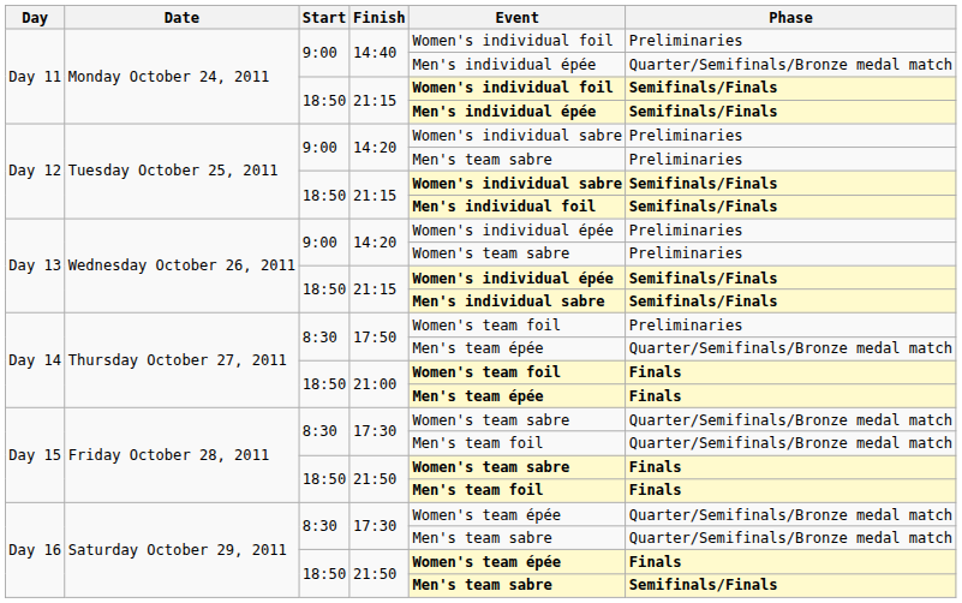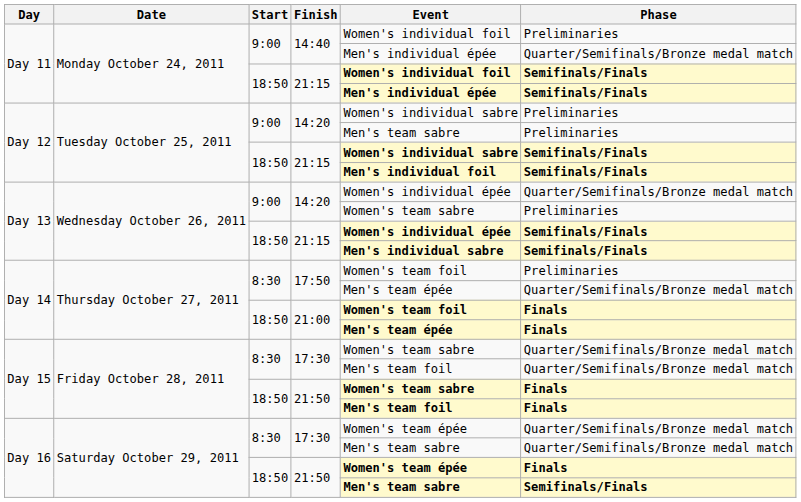 <table class=wikitable>
 <tr>
 <th>Day</th>
 <th>Date</th>
 <th>Start</th>
 <th>Finish</th>
 <th>Event</th>
 <th>Phase</th>
 </tr>
 <tr>
 <td rowspan=4>Day 11</td>
 <td rowspan=4>Monday October 24, 2011</td>
 <td rowspan=2>9:00</td>
 <td rowspan=2>14:40</td>
 <td>Women's individual foil</td>
 <td>Preliminaries</td>
 </tr>
 <tr>
 <td>Men's individual épée</td>
 <td>Quarter/Semifinals/Bronze medal match</td>
 </tr>
 <tr>
 <td rowspan=2>18:50</td>
 <td rowspan=2>21:15</td>
 <td style=background:lemonchiffon><strong>Women's individual foil</strong></td>
 <td style=background:lemonchiffon><strong>Semifinals/Finals</strong></td>
 </tr>
 <tr>
 <td style=background:lemonchiffon><strong>Men's individual épée</strong></td>
 <td style=background:lemonchiffon><strong>Semifinals/Finals</strong></td>
 </tr>
 <tr>
 <td rowspan=4>Day 12</td>
 <td rowspan=4>Tuesday October 25, 2011</td>
 <td rowspan=2>9:00</td>
 <td rowspan=2>14:20</td>
 <td>Women's individual sabre</td>
 <td>Preliminaries</td>
 </tr>
 <tr>
 <td>Men's team sabre</td>
 <td>Preliminaries</td>
 </tr>
 <tr>
 <td rowspan=2>18:50</td>
 <td rowspan=2>21:15</td>
 <td style=background:lemonchiffon><strong>Women's individual sabre</strong></td>
 <td style=background:lemonchiffon><strong>Semifinals/Finals</strong></td>
 </tr>
 <tr>
 <td style=background:lemonchiffon><strong>Men's individual foil</strong></td>
 <td style=background:lemonchiffon><strong>Semifinals/Finals</strong></td>
 </tr>
 <tr>
 <td rowspan=4>Day 13</td>
 <td rowspan=4>Wednesday October 26, 2011</td>
 <td rowspan=2>9:00</td>
 <td rowspan=2>14:20</td>
 <td>Women's individual épée</td>
-<td>Preliminaries</td>
+<td>Quarter/Semifinals/Bronze medal match</td>
 </tr>
 <tr>
 <td>Women's team sabre</td>
 <td>Preliminaries</td>
 </tr>
 <tr>
 <td rowspan=2>18:50</td>
 <td rowspan=2>21:15</td>
 <td style=background:lemonchiffon><strong>Women's individual épée</strong></td>
 <td style=background:lemonchiffon><strong>Semifinals/Finals</strong></td>
 </tr>
 <tr>
 <td style=background:lemonchiffon><strong>Men's individual sabre</strong></td>
 <td style=background:lemonchiffon><strong>Semifinals/Finals</strong></td>
 </tr>
 <tr>
 <td rowspan=4>Day 14</td>
 <td rowspan=4>Thursday October 27, 2011</td>
 <td rowspan=2>8:30</td>
 <td rowspan=2>17:50</td>
 <td>Women's team foil</td>
 <td>Preliminaries</td>
 </tr>
 <tr>
 <td>Men's team épée</td>
 <td>Quarter/Semifinals/Bronze medal match</td>
 </tr>
 <tr>
 <td rowspan=2>18:50</td>
 <td rowspan=2>21:00</td>
 <td style=background:lemonchiffon><strong>Women's team foil</strong></td>
 <td style=background:lemonchiffon><strong>Finals</strong></td>
 </tr>
 <tr>
 <td style=background:lemonchiffon><strong>Men's team épée</strong></td>
 <td style=background:lemonchiffon><strong>Finals</strong></td>
 </tr>
 <tr>
 <td rowspan=4>Day 15</td>
 <td rowspan=4>Friday October 28, 2011</td>
 <td rowspan=2>8:30</td>
 <td rowspan=2>17:30</td>
 <td>Women's team sabre</td>
 <td>Quarter/Semifinals/Bronze medal match</td>
 </tr>
 <tr>
 <td>Men's team foil</td>
 <td>Quarter/Semifinals/Bronze medal match</td>
 </tr>
 <tr>
 <td rowspan=2>18:50</td>
 <td rowspan=2>21:50</td>
 <td style=background:lemonchiffon><strong>Women's team sabre</strong></td>
 <td style=background:lemonchiffon><strong>Finals</strong></td>
 </tr>
 <tr>
 <td style=background:lemonchiffon><strong>Men's team foil</strong></td>
 <td style=background:lemonchiffon><strong>Finals</strong></td>
 </tr>
 <tr>
 <td rowspan=4>Day 16</td>
 <td rowspan=4>Saturday October 29, 2011</td>
 <td rowspan=2>8:30</td>
 <td rowspan=2>17:30</td>
 <td>Women's team épée</td>
 <td>Quarter/Semifinals/Bronze medal match</td>
 </tr>
 <tr>
 <td>Men's team sabre</td>
 <td>Quarter/Semifinals/Bronze medal match</td>
 </tr>
 <tr>
 <td rowspan=2>18:50</td>
 <td rowspan=2>21:50</td>
 <td style=background:lemonchiffon><strong>Women's team épée</strong></td>
 <td style=background:lemonchiffon><strong>Finals</strong></td>
 </tr>
 <tr>
 <td style=background:lemonchiffon><strong>Men's team sabre</strong></td>
 <td style=background:lemonchiffon><strong>Semifinals/Finals</strong></td>
 </tr>
 </table>
